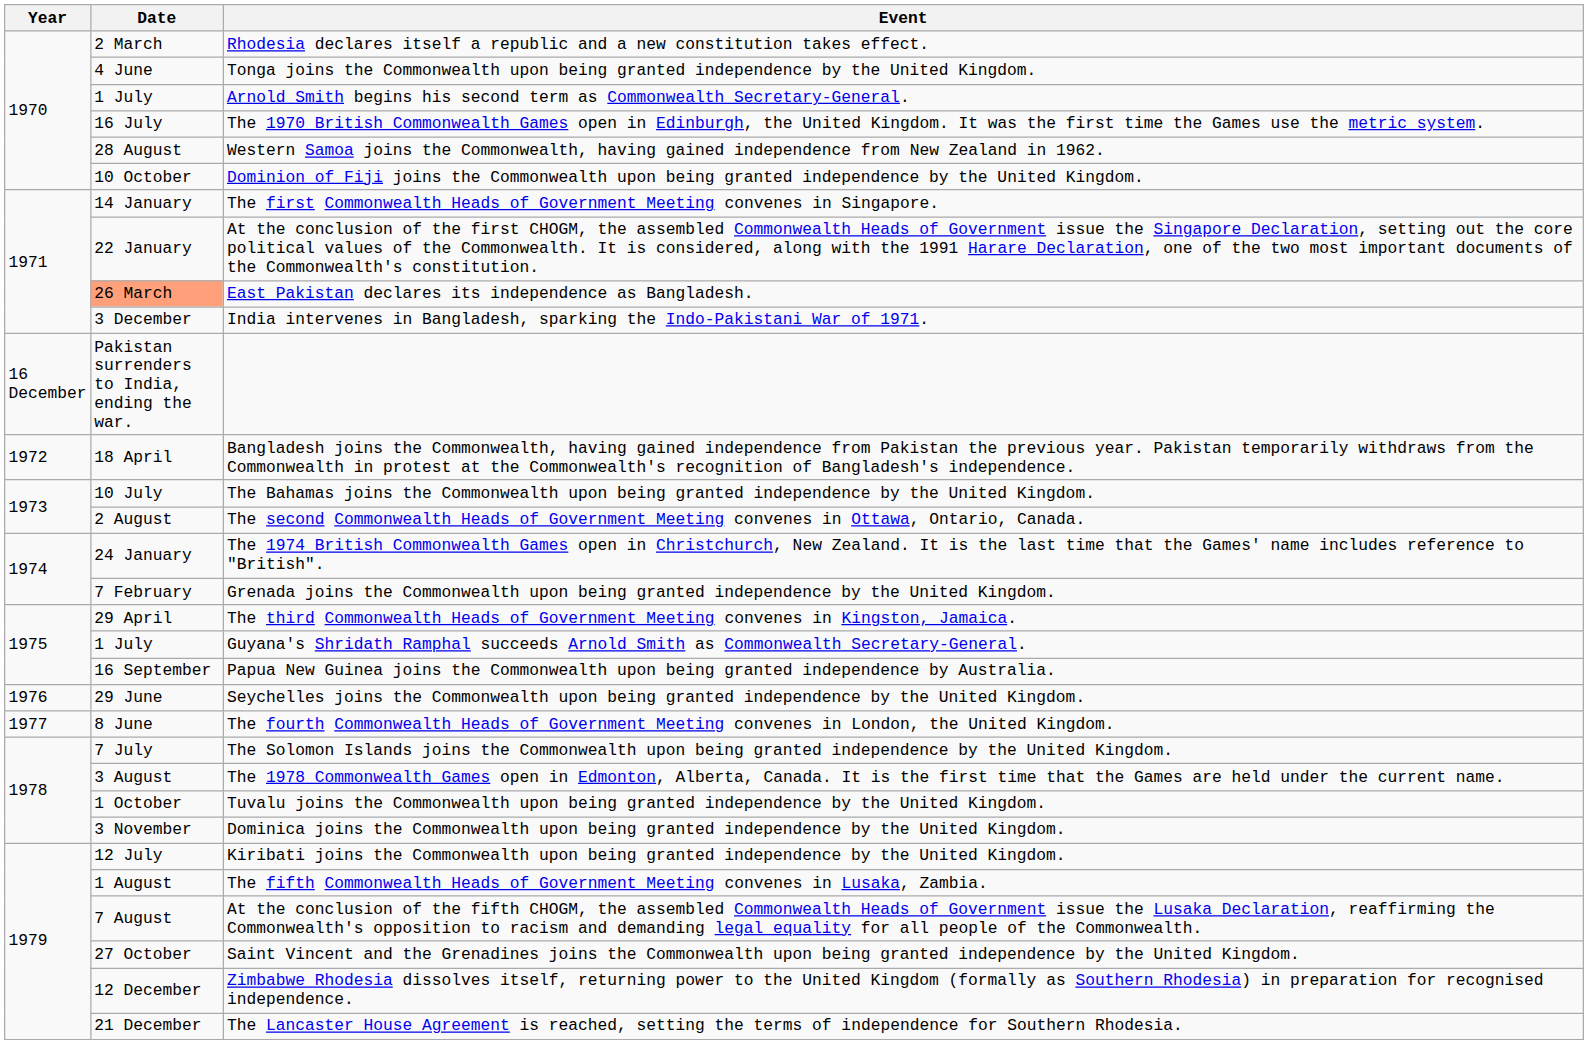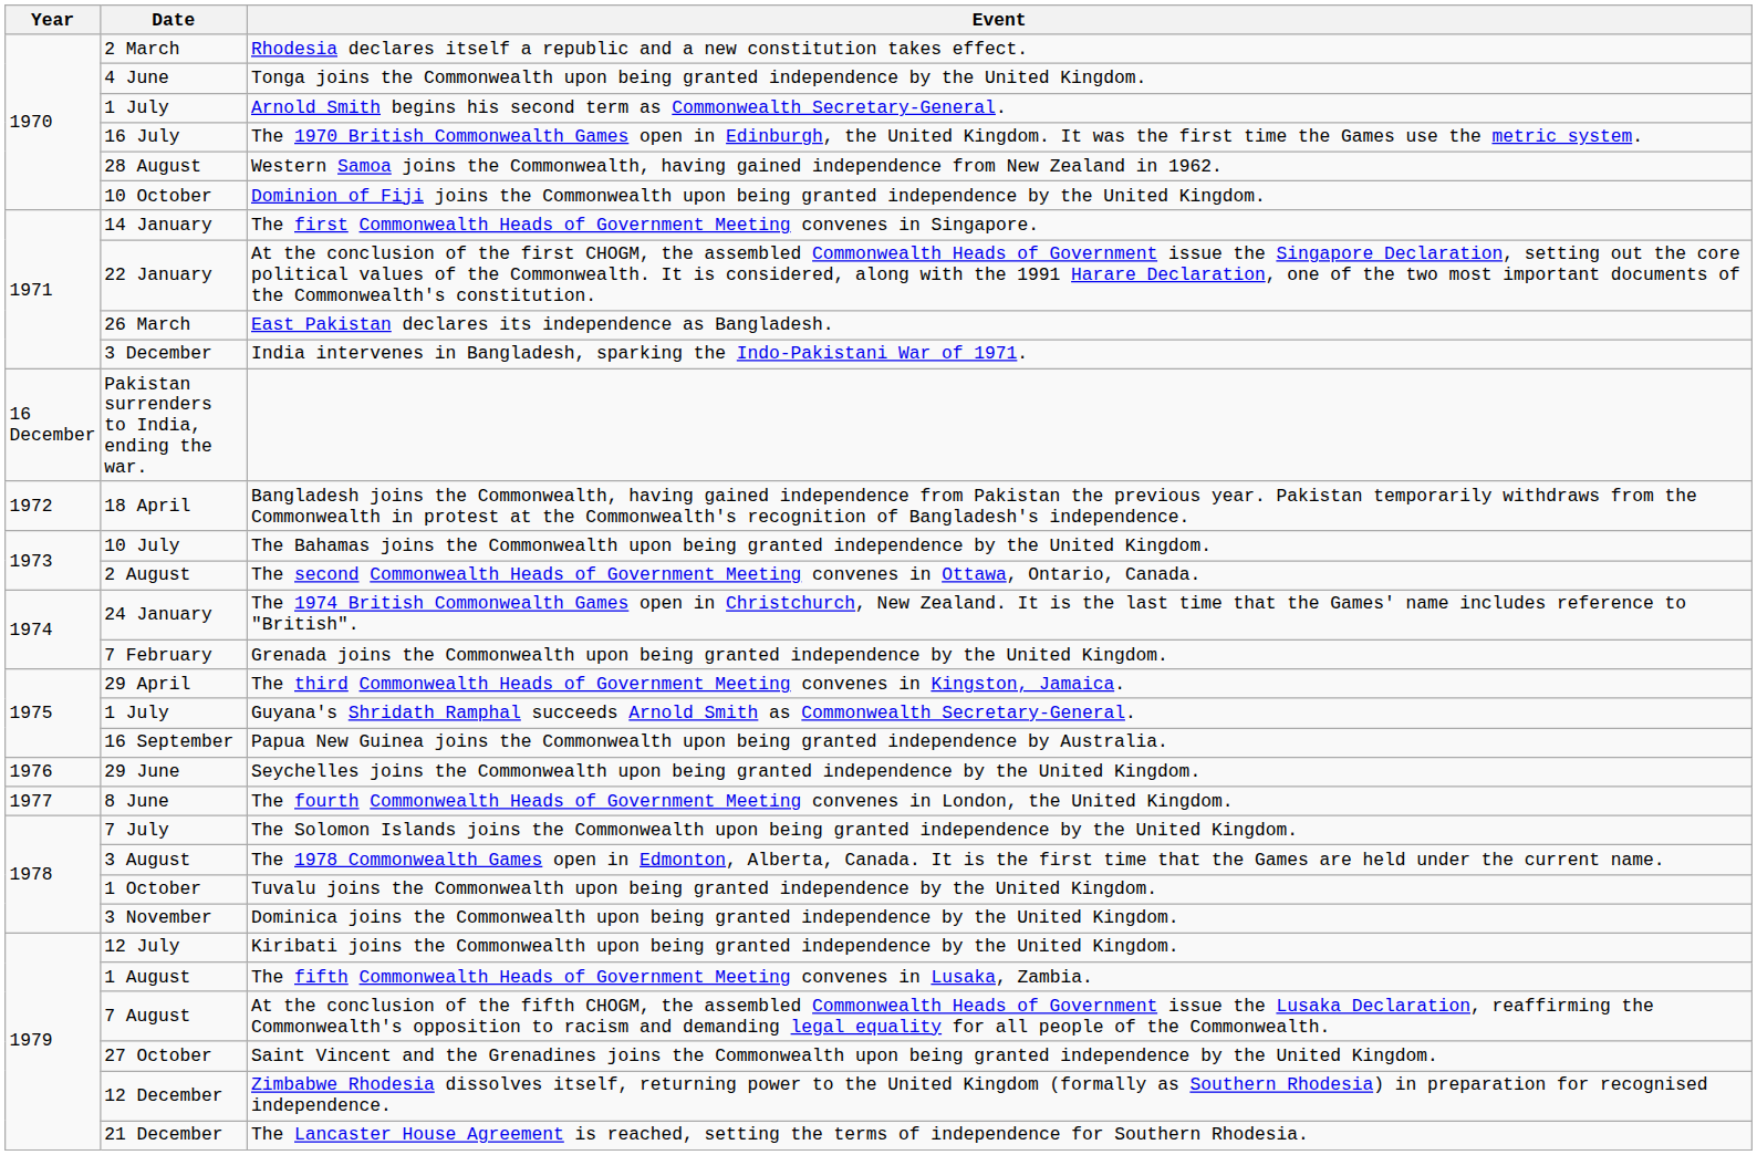 <table class="wikitable" width="100%">
 <tr>
 <th width=50px>Year</th>
 <th width=100px>Date</th>
 <th>Event</th>
 </tr>
 <tr>
 <td rowspan=6>1970</td>
 <td>2 March</td>
 <td><a href='#'>Rhodesia</a> declares itself a republic and a new constitution takes effect.</td>
 </tr>
 <tr>
 <td>4 June</td>
 <td>Tonga joins the Commonwealth upon being granted independence by the United Kingdom.</td>
 </tr>
 <tr>
 <td>1 July</td>
 <td><a href='#'>Arnold Smith</a> begins his second term as <a href='#'>Commonwealth Secretary-General</a>.</td>
 </tr>
 <tr>
 <td>16 July</td>
 <td>The <a href='#'>1970 British Commonwealth Games</a> open in <a href='#'>Edinburgh</a>, the United Kingdom. It was the first time the Games use the <a href='#'>metric system</a>.</td>
 </tr>
 <tr>
 <td>28 August</td>
 <td>Western <a href='#'>Samoa</a> joins the Commonwealth, having gained independence from New Zealand in 1962.</td>
 </tr>
 <tr>
 <td>10 October</td>
 <td><a href='#'>Dominion of Fiji</a> joins the Commonwealth upon being granted independence by the United Kingdom.</td>
 </tr>
 <tr>
 <td rowspan=4>1971</td>
 <td>14 January</td>
 <td>The <a href='#'>first</a> <a href='#'>Commonwealth Heads of Government Meeting</a> convenes in Singapore.</td>
 </tr>
 <tr>
 <td>22 January</td>
 <td>At the conclusion of the first CHOGM, the assembled <a href='#'>Commonwealth Heads of Government</a> issue the <a href='#'>Singapore Declaration</a>, setting out the core political values of the Commonwealth. It is considered, along with the 1991 <a href='#'>Harare Declaration</a>, one of the two most important documents of the Commonwealth's constitution.</td>
 </tr>
 <tr>
-<td style="background: lightsalmon;">26 March</td>
+<td>26 March</td>
 <td><a href='#'>East Pakistan</a> declares its independence as Bangladesh.</td>
 </tr>
 <tr>
 <td>3 December</td>
 <td>India intervenes in Bangladesh, sparking the <a href='#'>Indo-Pakistani War of 1971</a>.</td>
 </tr>
 <tr>
 <td>16 December</td>
 <td>Pakistan surrenders to India, ending the war.</td>
 </tr>
 <tr>
 <td>1972</td>
 <td>18 April</td>
 <td>Bangladesh joins the Commonwealth, having gained independence from Pakistan the previous year. Pakistan temporarily withdraws from the Commonwealth in protest at the Commonwealth's recognition of Bangladesh's independence.</td>
 </tr>
 <tr>
 <td rowspan=2>1973</td>
 <td>10 July</td>
 <td>The Bahamas joins the Commonwealth upon being granted independence by the United Kingdom.</td>
 </tr>
 <tr>
 <td>2 August</td>
 <td>The <a href='#'>second</a> <a href='#'>Commonwealth Heads of Government Meeting</a> convenes in <a href='#'>Ottawa</a>, Ontario, Canada.</td>
 </tr>
 <tr>
 <td rowspan=2>1974</td>
 <td>24 January</td>
 <td>The <a href='#'>1974 British Commonwealth Games</a> open in <a href='#'>Christchurch</a>, New Zealand. It is the last time that the Games' name includes reference to "British".</td>
 </tr>
 <tr>
 <td>7 February</td>
 <td>Grenada joins the Commonwealth upon being granted independence by the United Kingdom.</td>
 </tr>
 <tr>
 <td rowspan=3>1975</td>
 <td>29 April</td>
 <td>The <a href='#'>third</a> <a href='#'>Commonwealth Heads of Government Meeting</a> convenes in <a href='#'>Kingston, Jamaica</a>.</td>
 </tr>
 <tr>
 <td>1 July</td>
 <td>Guyana's <a href='#'>Shridath Ramphal</a> succeeds <a href='#'>Arnold Smith</a> as <a href='#'>Commonwealth Secretary-General</a>.</td>
 </tr>
 <tr>
 <td>16 September</td>
 <td>Papua New Guinea joins the Commonwealth upon being granted independence by Australia.</td>
 </tr>
 <tr>
 <td>1976</td>
 <td>29 June</td>
 <td>Seychelles joins the Commonwealth upon being granted independence by the United Kingdom.</td>
 </tr>
 <tr>
 <td>1977</td>
 <td>8 June</td>
 <td>The <a href='#'>fourth</a> <a href='#'>Commonwealth Heads of Government Meeting</a> convenes in London, the United Kingdom.</td>
 </tr>
 <tr>
 <td rowspan=4>1978</td>
 <td>7 July</td>
 <td>The Solomon Islands joins the Commonwealth upon being granted independence by the United Kingdom.</td>
 </tr>
 <tr>
 <td>3 August</td>
 <td>The <a href='#'>1978 Commonwealth Games</a> open in <a href='#'>Edmonton</a>, Alberta, Canada. It is the first time that the Games are held under the current name.</td>
 </tr>
 <tr>
 <td>1 October</td>
 <td>Tuvalu joins the Commonwealth upon being granted independence by the United Kingdom.</td>
 </tr>
 <tr>
 <td>3 November</td>
 <td>Dominica joins the Commonwealth upon being granted independence by the United Kingdom.</td>
 </tr>
 <tr>
 <td rowspan=6>1979</td>
 <td>12 July</td>
 <td>Kiribati joins the Commonwealth upon being granted independence by the United Kingdom.</td>
 </tr>
 <tr>
 <td>1 August</td>
 <td>The <a href='#'>fifth</a> <a href='#'>Commonwealth Heads of Government Meeting</a> convenes in <a href='#'>Lusaka</a>, Zambia.</td>
 </tr>
 <tr>
 <td>7 August</td>
 <td>At the conclusion of the fifth CHOGM, the assembled <a href='#'>Commonwealth Heads of Government</a> issue the <a href='#'>Lusaka Declaration</a>, reaffirming the Commonwealth's opposition to racism and demanding <a href='#'>legal equality</a> for all people of the Commonwealth.</td>
 </tr>
 <tr>
 <td>27 October</td>
 <td>Saint Vincent and the Grenadines joins the Commonwealth upon being granted independence by the United Kingdom.</td>
 </tr>
 <tr>
 <td>12 December</td>
 <td><a href='#'>Zimbabwe Rhodesia</a> dissolves itself, returning power to the United Kingdom (formally as <a href='#'>Southern Rhodesia</a>) in preparation for recognised independence.</td>
 </tr>
 <tr>
 <td>21 December</td>
 <td>The <a href='#'>Lancaster House Agreement</a> is reached, setting the terms of independence for Southern Rhodesia.</td>
 </tr>
 </table>
